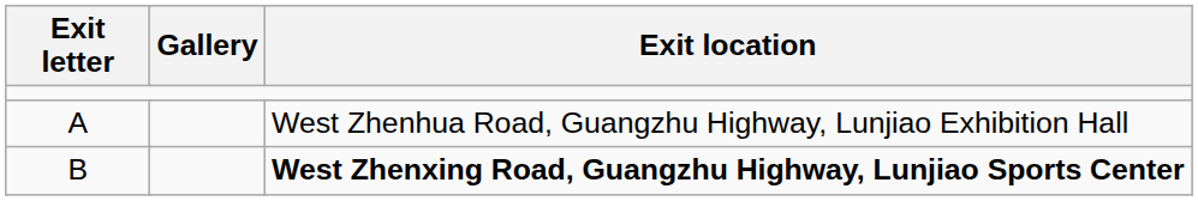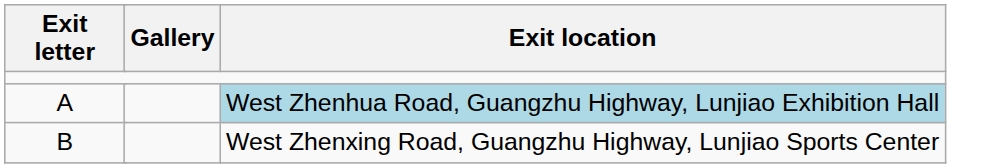 <table class="wikitable">
 <tr>
 <th colspan=2 style="width:70px">Exit letter</th>
 <th>Gallery</th>
 <th>Exit location</th>
 </tr>
 <tr style="background:#">
 <td colspan="4"></td>
 </tr>
 <tr>
 <td colspan=2 align=center>A</td>
 <td></td>
-<td>West Zhenhua Road, Guangzhu Highway, Lunjiao Exhibition Hall</td>
+<td style="background: lightblue;">West Zhenhua Road, Guangzhu Highway, Lunjiao Exhibition Hall</td>
 </tr>
 <tr>
 <td colspan=2 align=center>B</td>
 <td></td>
-<td><strong>West Zhenxing Road, Guangzhu Highway, Lunjiao Sports Center</strong></td>
+<td>West Zhenxing Road, Guangzhu Highway, Lunjiao Sports Center</td>
 </tr>
 </table>
